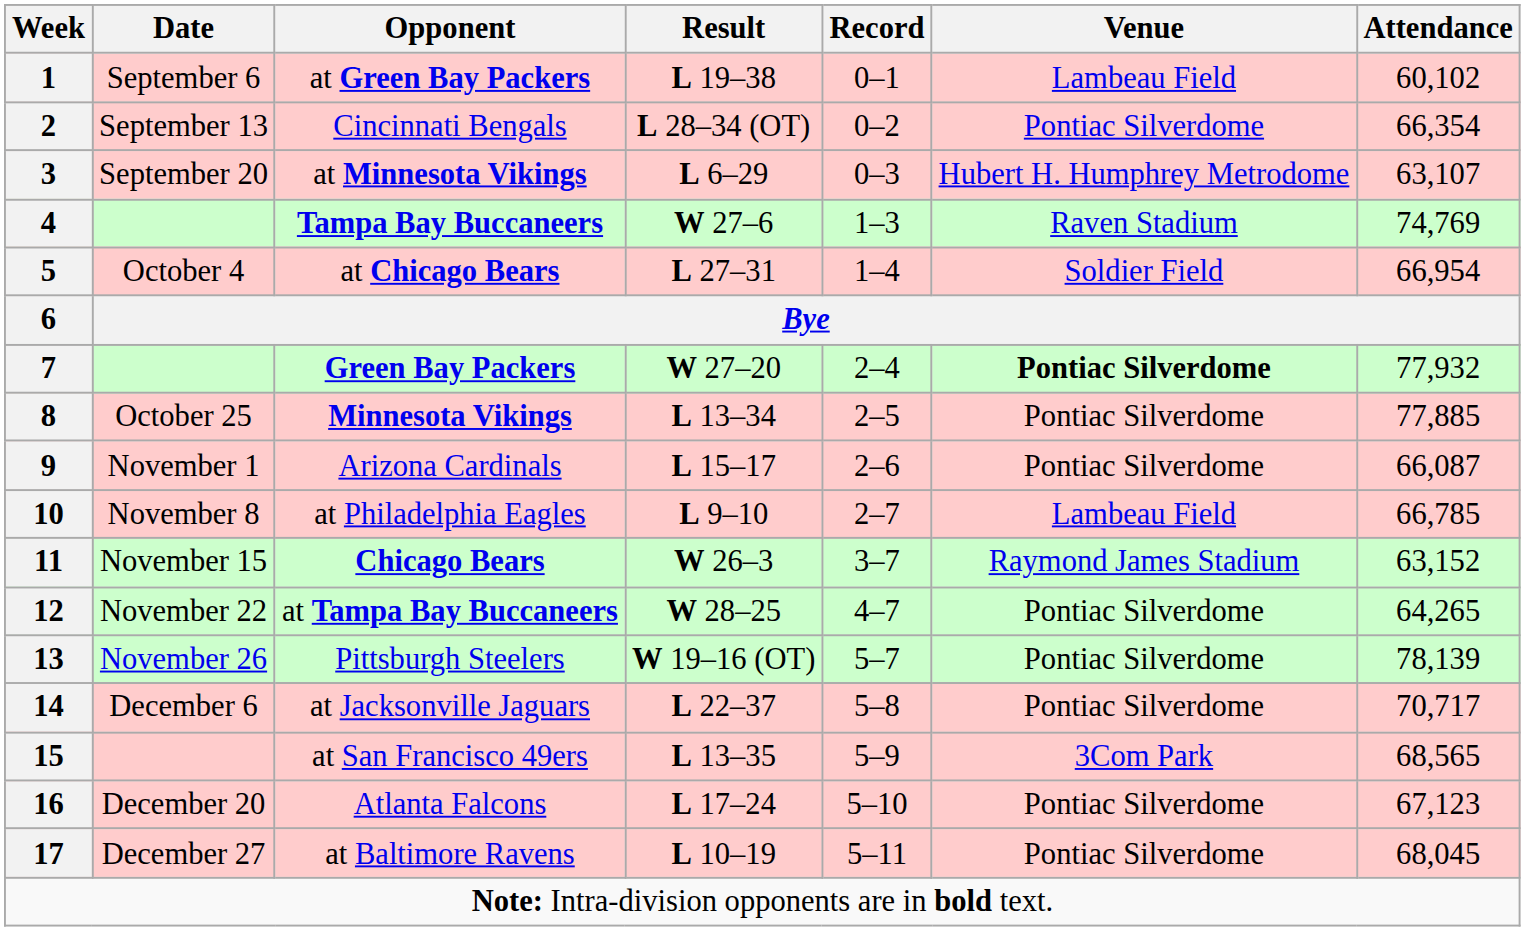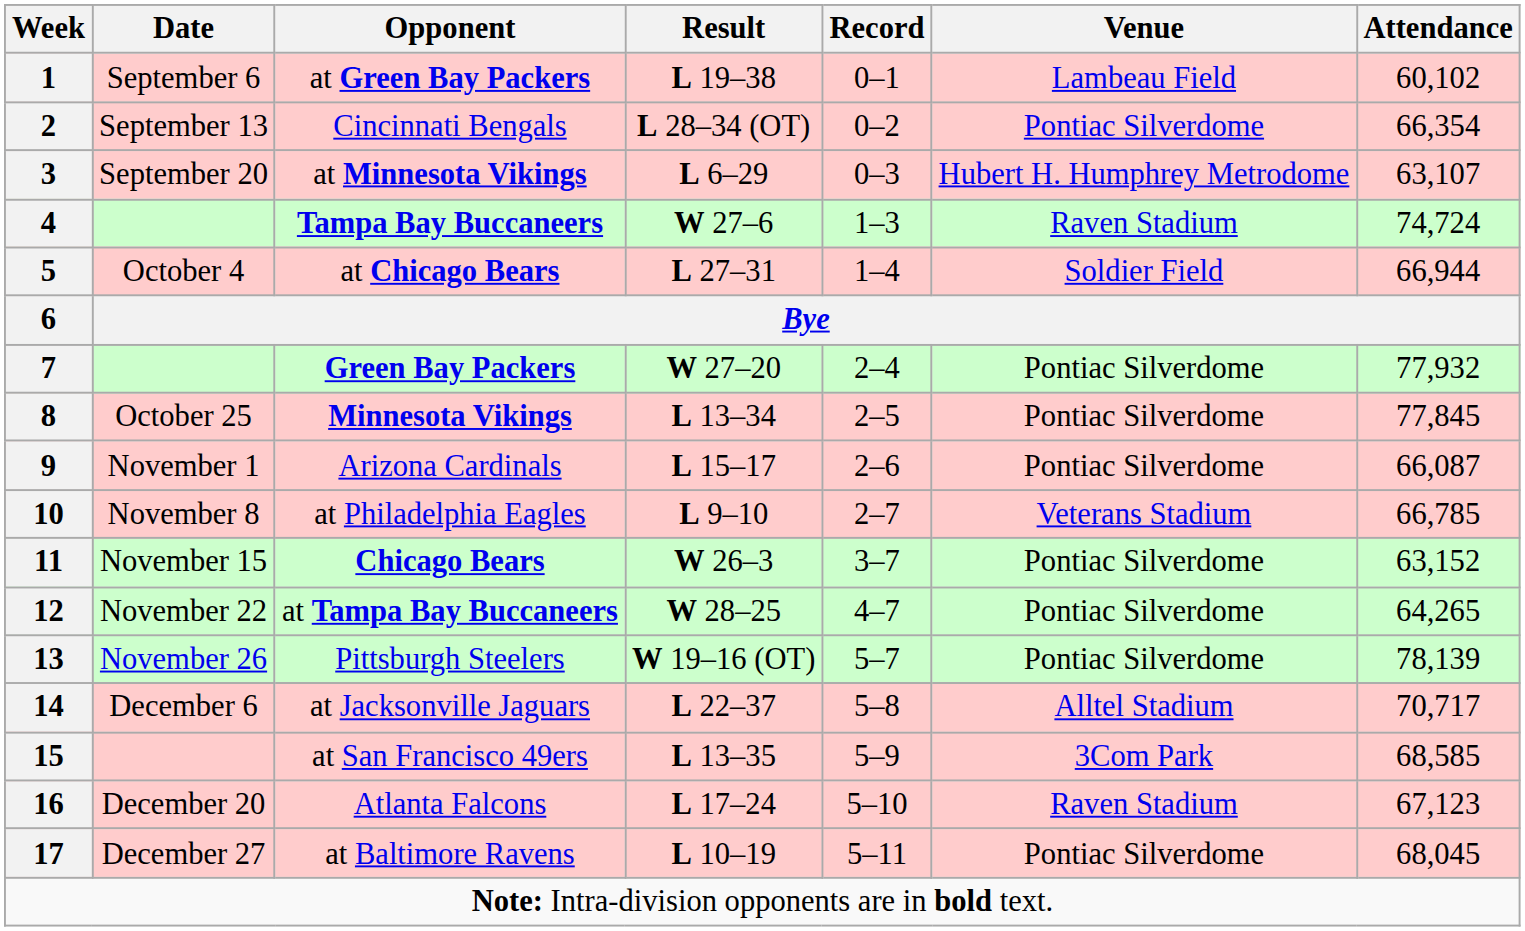 <table class="wikitable" style="text-align:center">
 <tr>
 <th>Week</th>
 <th>Date</th>
 <th>Opponent</th>
 <th>Result</th>
 <th>Record</th>
 <th>Venue</th>
 <th>Attendance</th>
 </tr>
 <tr style="background:#fcc">
 <th>1</th>
 <td>September 6</td>
 <td>at <strong><a href='#'>Green Bay Packers</a></strong></td>
 <td><strong>L</strong> 19–38</td>
 <td>0–1</td>
 <td><a href='#'>Lambeau Field</a></td>
 <td>60,102</td>
 </tr>
 <tr style="background:#fcc">
 <th>2</th>
 <td>September 13</td>
 <td><a href='#'>Cincinnati Bengals</a></td>
 <td><strong>L</strong> 28–34 (OT)</td>
 <td>0–2</td>
 <td><a href='#'>Pontiac Silverdome</a></td>
 <td>66,354</td>
 </tr>
 <tr style="background:#fcc">
 <th>3</th>
 <td>September 20</td>
 <td>at <strong><a href='#'>Minnesota Vikings</a></strong></td>
 <td><strong>L</strong> 6–29</td>
 <td>0–3</td>
 <td><a href='#'>Hubert H. Humphrey Metrodome</a></td>
 <td>63,107</td>
 </tr>
 <tr style="background:#cfc">
 <th>4</th>
 <td></td>
 <td><strong><a href='#'>Tampa Bay Buccaneers</a></strong></td>
 <td><strong>W</strong> 27–6</td>
 <td>1–3</td>
 <td><a href='#'>Raven Stadium</a></td>
-<td>74,769</td>
+<td>74,724</td>
 </tr>
 <tr style="background:#fcc">
 <th>5</th>
 <td>October 4</td>
 <td>at <strong><a href='#'>Chicago Bears</a></strong></td>
 <td><strong>L</strong> 27–31</td>
 <td>1–4</td>
 <td><a href='#'>Soldier Field</a></td>
-<td>66,954</td>
+<td>66,944</td>
 </tr>
 <tr>
 <th>6</th>
 <th colspan=6><em><a href='#'>Bye</a></em></th>
 </tr>
 <tr style="background:#cfc">
 <th>7</th>
 <td></td>
 <td><strong><a href='#'>Green Bay Packers</a></strong></td>
 <td><strong>W</strong> 27–20</td>
 <td>2–4</td>
-<td><strong>Pontiac Silverdome</strong></td>
+<td>Pontiac Silverdome</td>
 <td>77,932</td>
 </tr>
 <tr style="background:#fcc">
 <th>8</th>
 <td>October 25</td>
 <td><strong><a href='#'>Minnesota Vikings</a></strong></td>
 <td><strong>L</strong> 13–34</td>
 <td>2–5</td>
 <td>Pontiac Silverdome</td>
-<td>77,885</td>
+<td>77,845</td>
 </tr>
 <tr style="background:#fcc">
 <th>9</th>
 <td>November 1</td>
 <td><a href='#'>Arizona Cardinals</a></td>
 <td><strong>L</strong> 15–17</td>
 <td>2–6</td>
 <td>Pontiac Silverdome</td>
 <td>66,087</td>
 </tr>
 <tr style="background:#fcc">
 <th>10</th>
 <td>November 8</td>
 <td>at <a href='#'>Philadelphia Eagles</a></td>
 <td><strong>L</strong> 9–10</td>
 <td>2–7</td>
-<td><a href='#'>Lambeau Field</a></td>
+<td><a href='#'>Veterans Stadium</a></td>
 <td>66,785</td>
 </tr>
 <tr style="background:#cfc">
 <th>11</th>
 <td>November 15</td>
 <td><strong><a href='#'>Chicago Bears</a></strong></td>
 <td><strong>W</strong> 26–3</td>
 <td>3–7</td>
-<td><a href='#'>Raymond James Stadium</a></td>
+<td>Pontiac Silverdome</td>
 <td>63,152</td>
 </tr>
 <tr style="background:#cfc">
 <th>12</th>
 <td>November 22</td>
 <td>at <strong><a href='#'>Tampa Bay Buccaneers</a></strong></td>
 <td><strong>W</strong> 28–25</td>
 <td>4–7</td>
 <td>Pontiac Silverdome</td>
 <td>64,265</td>
 </tr>
 <tr style="background:#cfc">
 <th>13</th>
 <td><a href='#'>November 26</a></td>
 <td><a href='#'>Pittsburgh Steelers</a></td>
 <td><strong>W</strong> 19–16 (OT)</td>
 <td>5–7</td>
 <td>Pontiac Silverdome</td>
 <td>78,139</td>
 </tr>
 <tr style="background:#fcc">
 <th>14</th>
 <td>December 6</td>
 <td>at <a href='#'>Jacksonville Jaguars</a></td>
 <td><strong>L</strong> 22–37</td>
 <td>5–8</td>
-<td>Pontiac Silverdome</td>
+<td><a href='#'>Alltel Stadium</a></td>
 <td>70,717</td>
 </tr>
 <tr style="background:#fcc">
 <th>15</th>
 <td></td>
 <td>at <a href='#'>San Francisco 49ers</a></td>
 <td><strong>L</strong> 13–35</td>
 <td>5–9</td>
 <td><a href='#'>3Com Park</a></td>
-<td>68,565</td>
+<td>68,585</td>
 </tr>
 <tr style="background:#fcc">
 <th>16</th>
 <td>December 20</td>
 <td><a href='#'>Atlanta Falcons</a></td>
 <td><strong>L</strong> 17–24</td>
 <td>5–10</td>
-<td>Pontiac Silverdome</td>
+<td><a href='#'>Raven Stadium</a></td>
 <td>67,123</td>
 </tr>
 <tr style="background:#fcc">
 <th>17</th>
 <td>December 27</td>
 <td>at <a href='#'>Baltimore Ravens</a></td>
 <td><strong>L</strong> 10–19</td>
 <td>5–11</td>
 <td>Pontiac Silverdome</td>
 <td>68,045</td>
 </tr>
 <tr>
 <td colspan="7"><strong>Note:</strong> Intra-division opponents are in <strong>bold</strong> text.</td>
 </tr>
 </table>
